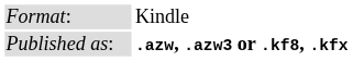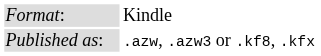 <table style="text-align:left;">
 <tr>
 <td style="background:#ddd; width:100px;"><em>Format</em>:</td>
 <td>Kindle</td>
 </tr>
 <tr>
 <td style="background:#ddd;"><em>Published as</em>:</td>
-<td><strong><code>.azw</code>, <code>.azw3</code> or <code>.kf8</code>, <code>.kfx</code></strong></td>
+<td><code>.azw</code>, <code>.azw3</code> or <code>.kf8</code>, <code>.kfx</code></td>
 </tr>
 </table>
